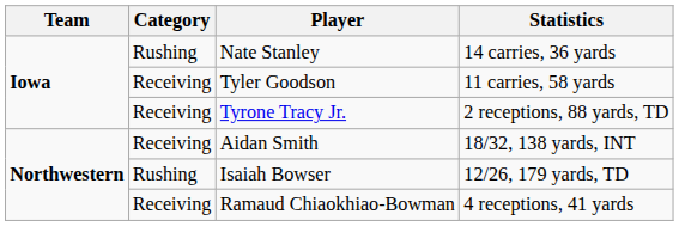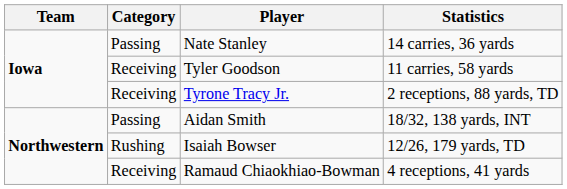 <table class="wikitable" style="float: left;">
 <tr>
 <th>Team</th>
 <th>Category</th>
 <th>Player</th>
 <th>Statistics</th>
 </tr>
 <tr>
 <td rowspan=3><strong>Iowa</strong></td>
-<td>Rushing</td>
+<td>Passing</td>
 <td>Nate Stanley</td>
 <td>14 carries, 36 yards</td>
 </tr>
 <tr>
 <td>Receiving</td>
 <td>Tyler Goodson</td>
 <td>11 carries, 58 yards</td>
 </tr>
 <tr>
 <td>Receiving</td>
 <td><a href='#'>Tyrone Tracy Jr.</a></td>
 <td>2 receptions, 88 yards, TD</td>
 </tr>
 <tr>
 <td rowspan=3><strong>Northwestern</strong></td>
-<td>Receiving</td>
+<td>Passing</td>
 <td>Aidan Smith</td>
 <td>18/32, 138 yards, INT</td>
 </tr>
 <tr>
 <td>Rushing</td>
 <td>Isaiah Bowser</td>
 <td>12/26, 179 yards, TD</td>
 </tr>
 <tr>
 <td>Receiving</td>
 <td>Ramaud Chiaokhiao-Bowman</td>
 <td>4 receptions, 41 yards</td>
 </tr>
 </table>
